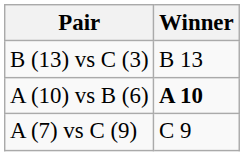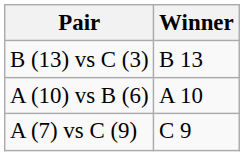 <table class="wikitable">
 <tr>
 <th>Pair</th>
 <th>Winner</th>
 </tr>
 <tr>
 <td>B (13) vs C (3)</td>
 <td>B 13</td>
 </tr>
 <tr>
 <td>A (10) vs B (6)</td>
-<td><strong>A 10</strong></td>
+<td>A 10</td>
 </tr>
 <tr>
 <td>A (7) vs C (9)</td>
 <td>C 9</td>
 </tr>
 </table>
